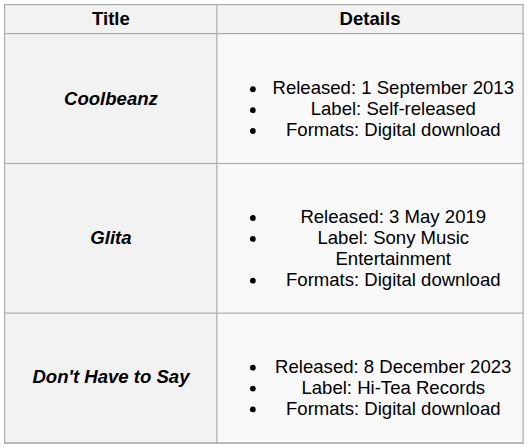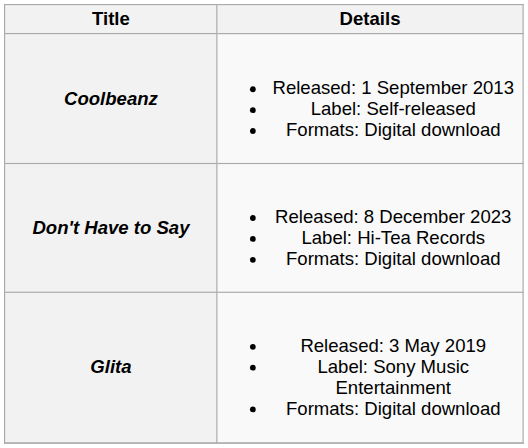 <table class="wikitable plainrowheaders" style="text-align:center;" border="1">
 <tr>
 <th scope="col" style="width:11em;">Title</th>
 <th scope="col" style="width:16em;">Details</th>
 </tr>
 <tr>
 <th scope="row"><em>Coolbeanz</em></th>
 <td><br><ul><li>Released: 1 September 2013</li><li>Label: Self-released</li><li>Formats: Digital download</li></ul></td>
 </tr>
 <tr>
+<th scope="row"><em>Don't Have to Say</em></th>
+<td><br><ul><li>Released: 8 December 2023</li><li>Label: Hi-Tea Records</li><li>Formats: Digital download</li></ul></td>
+</tr>
+<tr>
 <th scope="row"><em>Glita</em></th>
 <td><br><ul><li>Released: 3 May 2019</li><li>Label: Sony Music Entertainment</li><li>Formats: Digital download</li></ul></td>
 </tr>
 <tr>
-<th scope="row"><em>Don't Have to Say</em></th>
-<td><br><ul><li>Released: 8 December 2023</li><li>Label: Hi-Tea Records</li><li>Formats: Digital download</li></ul></td>
-</tr>
-<tr>
 </tr>
 </table>
